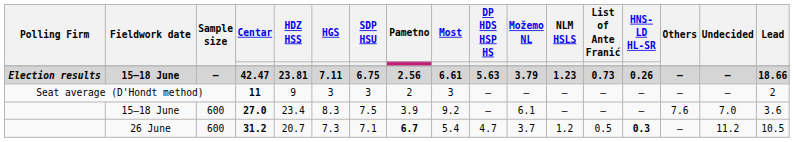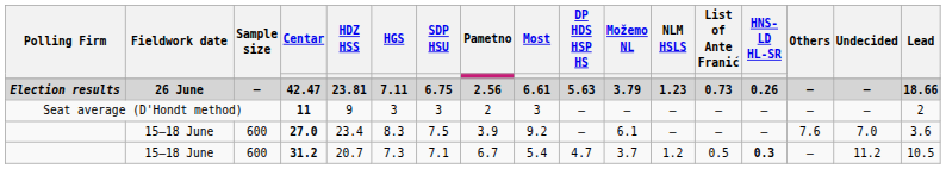 <table class="wikitable sortable" style="text-align:center; font-size:90%; line-height:16px;">
 <tr style="height:42px;">
 <th rowspan="2" style="width:40px;">Polling Firm</th>
 <th rowspan="2" style="width:40px;">Fieldwork date</th>
 <th rowspan="2" style="width:40px;">Sample <br> size</th>
 <th class="unsortable" style="width:40px;"><a href='#'>Centar</a></th>
 <th class="unsortable" style="width:40px;"><a href='#'>HDZ</a><br><a href='#'>HSS</a></th>
 <th class="unsortable" style="width:40px;"><a href='#'>HGS</a></th>
 <th class="unsortable" style="width:40px;"><a href='#'>SDP</a><br><a href='#'>HSU</a></th>
 <th class="unsortable" style="width:40px;">Pametno</th>
 <th class="unsortable" style="width:40px;"><a href='#'>Most</a></th>
 <th class="unsortable" style="width:40px;"><a href='#'>DP</a><br><a href='#'>HDS</a><br><a href='#'>HSP</a><br><a href='#'>HS</a></th>
 <th class="unsortable" style="width:40px;"><a href='#'>Možemo</a><br><a href='#'>NL</a></th>
 <th class="unsortable" style="width:40px;">NLM<br><a href='#'>HSLS</a></th>
 <th class="unsortable" style="width:40px;">List of Ante Franić</th>
 <th class="unsortable" style="width:40px;"><a href='#'>HNS-LD</a><br><a href='#'>HL-SR</a></th>
 <th rowspan="2" class="unsortable" style="width:40px;">Others</th>
 <th rowspan="2" class="unsortable" style="width:40px;">Undecided</th>
 <th rowspan="2" class="unsortable" style="width:20px;">Lead</th>
 </tr>
 <tr>
 <th class="unsortable" style="color:inherit;background:"></th>
 <th class="unsortable" style="color:inherit;background:"></th>
 <th class="unsortable" style="background:"></th>
 <th class="unsortable" style="color:inherit;background:"></th>
 <th class="unsortable" style="color:inherit;background:#C81B77; width:45px;"></th>
 <th class="unsortable" style="color:inherit;background:"></th>
 <th class="unsortable" style="color:inherit;background:"></th>
 <th class="unsortable" style="background:"></th>
 <th class="unsortable" style="color:inherit;background:"></th>
 <th class="unsortable" style="background:"></th>
 <th class="unsortable" style="color:inherit;background:"></th>
 </tr>
 <tr>
 </tr>
 <tr style="background:#D5D5D5; font-weight:bold;">
 <td style="width:10em"><em>Election results</em></td>
-<td>15–18 June</td>
+<td style="width:9em">26 June</td>
 <td>—</td>
 <td style="background:"><strong>42.47</strong></td>
 <td>23.81</td>
 <td>7.11</td>
 <td>6.75</td>
 <td>2.56</td>
 <td>6.61</td>
 <td>5.63</td>
 <td>3.79</td>
 <td>1.23</td>
 <td>0.73</td>
 <td>0.26</td>
 <td>–</td>
 <td>–</td>
 <td style="background:">18.66</td>
 </tr>
 <tr>
 <td colspan=3>Seat average (D'Hondt method)</td>
 <td style="background:"><strong>11</strong></td>
 <td>9</td>
 <td>3</td>
 <td>3</td>
 <td>2</td>
 <td>3</td>
 <td>–</td>
 <td>–</td>
 <td>–</td>
 <td>–</td>
 <td>–</td>
 <td>–</td>
 <td>–</td>
 <td style="background:">2</td>
 </tr>
 <tr>
 <td></td>
 <td>15–18 June</td>
 <td>600</td>
 <td style="background:"><strong>27.0</strong></td>
 <td>23.4</td>
 <td>8.3</td>
 <td>7.5</td>
 <td>3.9</td>
 <td>9.2</td>
 <td>–</td>
 <td>6.1</td>
 <td>–</td>
 <td>–</td>
 <td>–</td>
 <td>7.6</td>
 <td>7.0</td>
 <td style="background:">3.6</td>
 </tr>
 <tr>
 <td></td>
-<td style="width:9em">26 June</td>
+<td>15–18 June</td>
 <td>600</td>
 <td style="background:"><strong>31.2</strong></td>
 <td>20.7</td>
 <td>7.3</td>
 <td>7.1</td>
-<td><strong>6.7</strong></td>
+<td>6.7</td>
 <td>5.4</td>
 <td>4.7</td>
 <td>3.7</td>
 <td>1.2</td>
 <td>0.5</td>
 <td><strong>0.3</strong></td>
 <td>–</td>
 <td>11.2</td>
 <td style="background:">10.5</td>
 </tr>
 </table>
